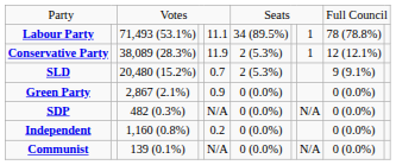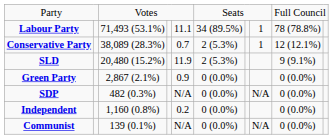 <table class=wikitable style="text-align:center;">
 <tr>
 <td colspan=2>Party</td>
 <td colspan=3>Votes</td>
 <td colspan=3>Seats</td>
 <td colspan=3>Full Council</td>
 </tr>
 <tr>
 <td><strong><a href='#'>Labour Party</a></strong></td>
 <td style="background:"></td>
 <td>71,493 (53.1%)</td>
 <td></td>
 <td> 11.1</td>
 <td>34 (89.5%)</td>
 <td></td>
 <td> 1</td>
 <td>78 (78.8%)</td>
 <td></td>
 </tr>
 <tr>
 <td><strong><a href='#'>Conservative Party</a></strong></td>
 <td style="background:"></td>
 <td>38,089 (28.3%)</td>
 <td></td>
-<td> 11.9</td>
+<td> 0.7</td>
 <td>2 (5.3%)</td>
 <td></td>
 <td> 1</td>
 <td>12 (12.1%)</td>
 <td></td>
 </tr>
 <tr>
 <td><strong><a href='#'>SLD</a></strong></td>
 <td style="background:"></td>
 <td>20,480 (15.2%)</td>
 <td></td>
-<td> 0.7</td>
+<td> 11.9</td>
 <td>2 (5.3%)</td>
 <td></td>
 <td></td>
 <td>9 (9.1%)</td>
 <td></td>
 </tr>
 <tr>
 <td><strong><a href='#'>Green Party</a></strong></td>
 <td style="background:"></td>
 <td>2,867 (2.1%)</td>
 <td></td>
 <td> 0.9</td>
 <td>0 (0.0%)</td>
 <td></td>
 <td></td>
 <td>0 (0.0%)</td>
 <td></td>
 </tr>
 <tr>
 <td><strong><a href='#'>SDP</a></strong></td>
 <td style="background:"></td>
 <td>482 (0.3%)</td>
 <td></td>
 <td>N/A</td>
 <td>0 (0.0%)</td>
 <td></td>
 <td>N/A</td>
 <td>0 (0.0%)</td>
 <td></td>
 </tr>
 <tr>
 <td><strong><a href='#'>Independent</a></strong></td>
 <td style="background:"></td>
 <td>1,160 (0.8%)</td>
 <td></td>
 <td> 0.2</td>
 <td>0 (0.0%)</td>
 <td></td>
 <td></td>
 <td>0 (0.0%)</td>
 <td></td>
 </tr>
 <tr>
 <td><strong><a href='#'>Communist</a></strong></td>
 <td style="background:"></td>
 <td>139 (0.1%)</td>
 <td></td>
 <td>N/A</td>
 <td>0 (0.0%)</td>
 <td></td>
 <td>N/A</td>
 <td>0 (0.0%)</td>
 <td></td>
 </tr>
 </table>
